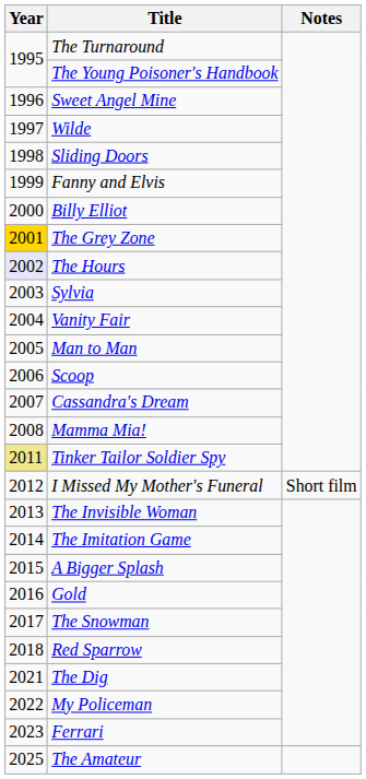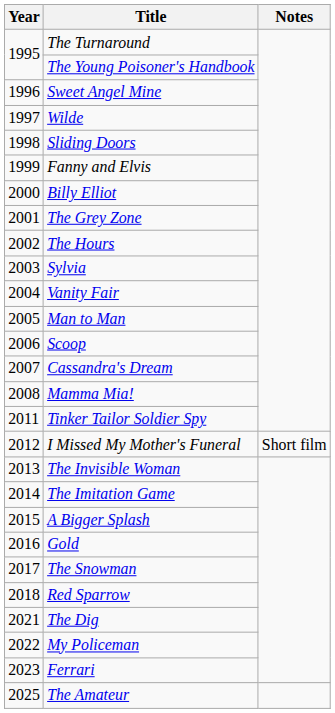 <table class="wikitable">
 <tr>
 <th>Year</th>
 <th>Title</th>
 <th>Notes</th>
 </tr>
 <tr>
 <td rowspan="2">1995</td>
 <td><em>The Turnaround</em></td>
 </tr>
 <tr>
 <td><em><a href='#'>The Young Poisoner's Handbook</a></em></td>
 </tr>
 <tr>
 <td>1996</td>
 <td><em><a href='#'>Sweet Angel Mine</a></em></td>
 </tr>
 <tr>
 <td>1997</td>
 <td><em><a href='#'>Wilde</a></em></td>
 </tr>
 <tr>
 <td>1998</td>
 <td><em><a href='#'>Sliding Doors</a></em></td>
 </tr>
 <tr>
 <td>1999</td>
 <td><em>Fanny and Elvis</em></td>
 </tr>
 <tr>
 <td>2000</td>
 <td><em><a href='#'>Billy Elliot</a></em></td>
 </tr>
 <tr>
-<td style="background: gold;">2001</td>
+<td>2001</td>
 <td><em><a href='#'>The Grey Zone</a></em></td>
 </tr>
 <tr>
-<td style="background: lavender;">2002</td>
+<td>2002</td>
 <td><em><a href='#'>The Hours</a></em></td>
 </tr>
 <tr>
 <td>2003</td>
 <td><em><a href='#'>Sylvia</a></em></td>
 </tr>
 <tr>
 <td>2004</td>
 <td><em><a href='#'>Vanity Fair</a></em></td>
 </tr>
 <tr>
 <td>2005</td>
 <td><em><a href='#'>Man to Man</a></em></td>
 </tr>
 <tr>
 <td>2006</td>
 <td><em><a href='#'>Scoop</a></em></td>
 </tr>
 <tr>
 <td>2007</td>
 <td><em><a href='#'>Cassandra's Dream</a></em></td>
 </tr>
 <tr>
 <td>2008</td>
 <td><em><a href='#'>Mamma Mia!</a></em></td>
 </tr>
 <tr>
-<td style="background: khaki;">2011</td>
+<td>2011</td>
 <td><em><a href='#'>Tinker Tailor Soldier Spy</a></em></td>
 </tr>
 <tr>
 <td>2012</td>
 <td><em>I Missed My Mother's Funeral</em></td>
 <td>Short film</td>
 </tr>
 <tr>
 <td>2013</td>
 <td><em><a href='#'>The Invisible Woman</a></em></td>
 </tr>
 <tr>
 <td>2014</td>
 <td><em><a href='#'>The Imitation Game</a></em></td>
 </tr>
 <tr>
 <td>2015</td>
 <td><em><a href='#'>A Bigger Splash</a></em></td>
 </tr>
 <tr>
 <td>2016</td>
 <td><em><a href='#'>Gold</a></em></td>
 </tr>
 <tr>
 <td>2017</td>
 <td><em><a href='#'>The Snowman</a></em></td>
 </tr>
 <tr>
 <td>2018</td>
 <td><em><a href='#'>Red Sparrow</a></em></td>
 </tr>
 <tr>
 <td>2021</td>
 <td><em><a href='#'>The Dig</a></em></td>
 </tr>
 <tr>
 <td>2022</td>
 <td><em><a href='#'>My Policeman</a></em></td>
 </tr>
 <tr>
 <td>2023</td>
 <td><em><a href='#'>Ferrari</a></em></td>
 </tr>
 <tr>
 <td>2025</td>
 <td><em><a href='#'>The Amateur</a></em></td>
 <td></td>
 </tr>
 </table>
